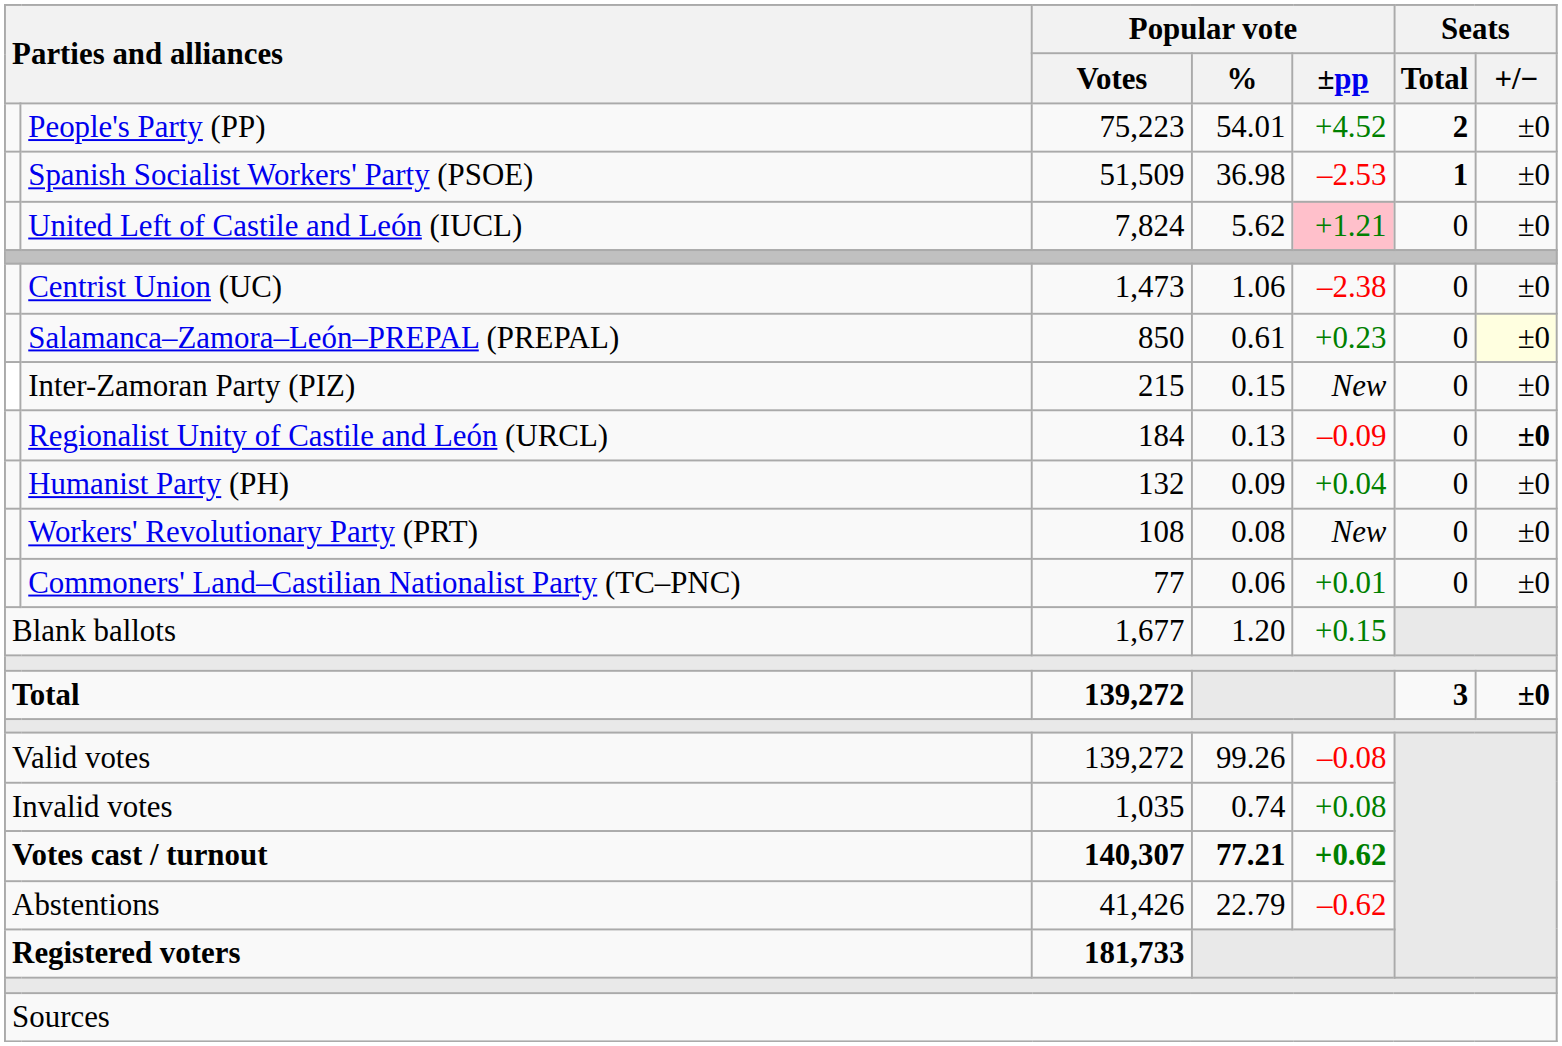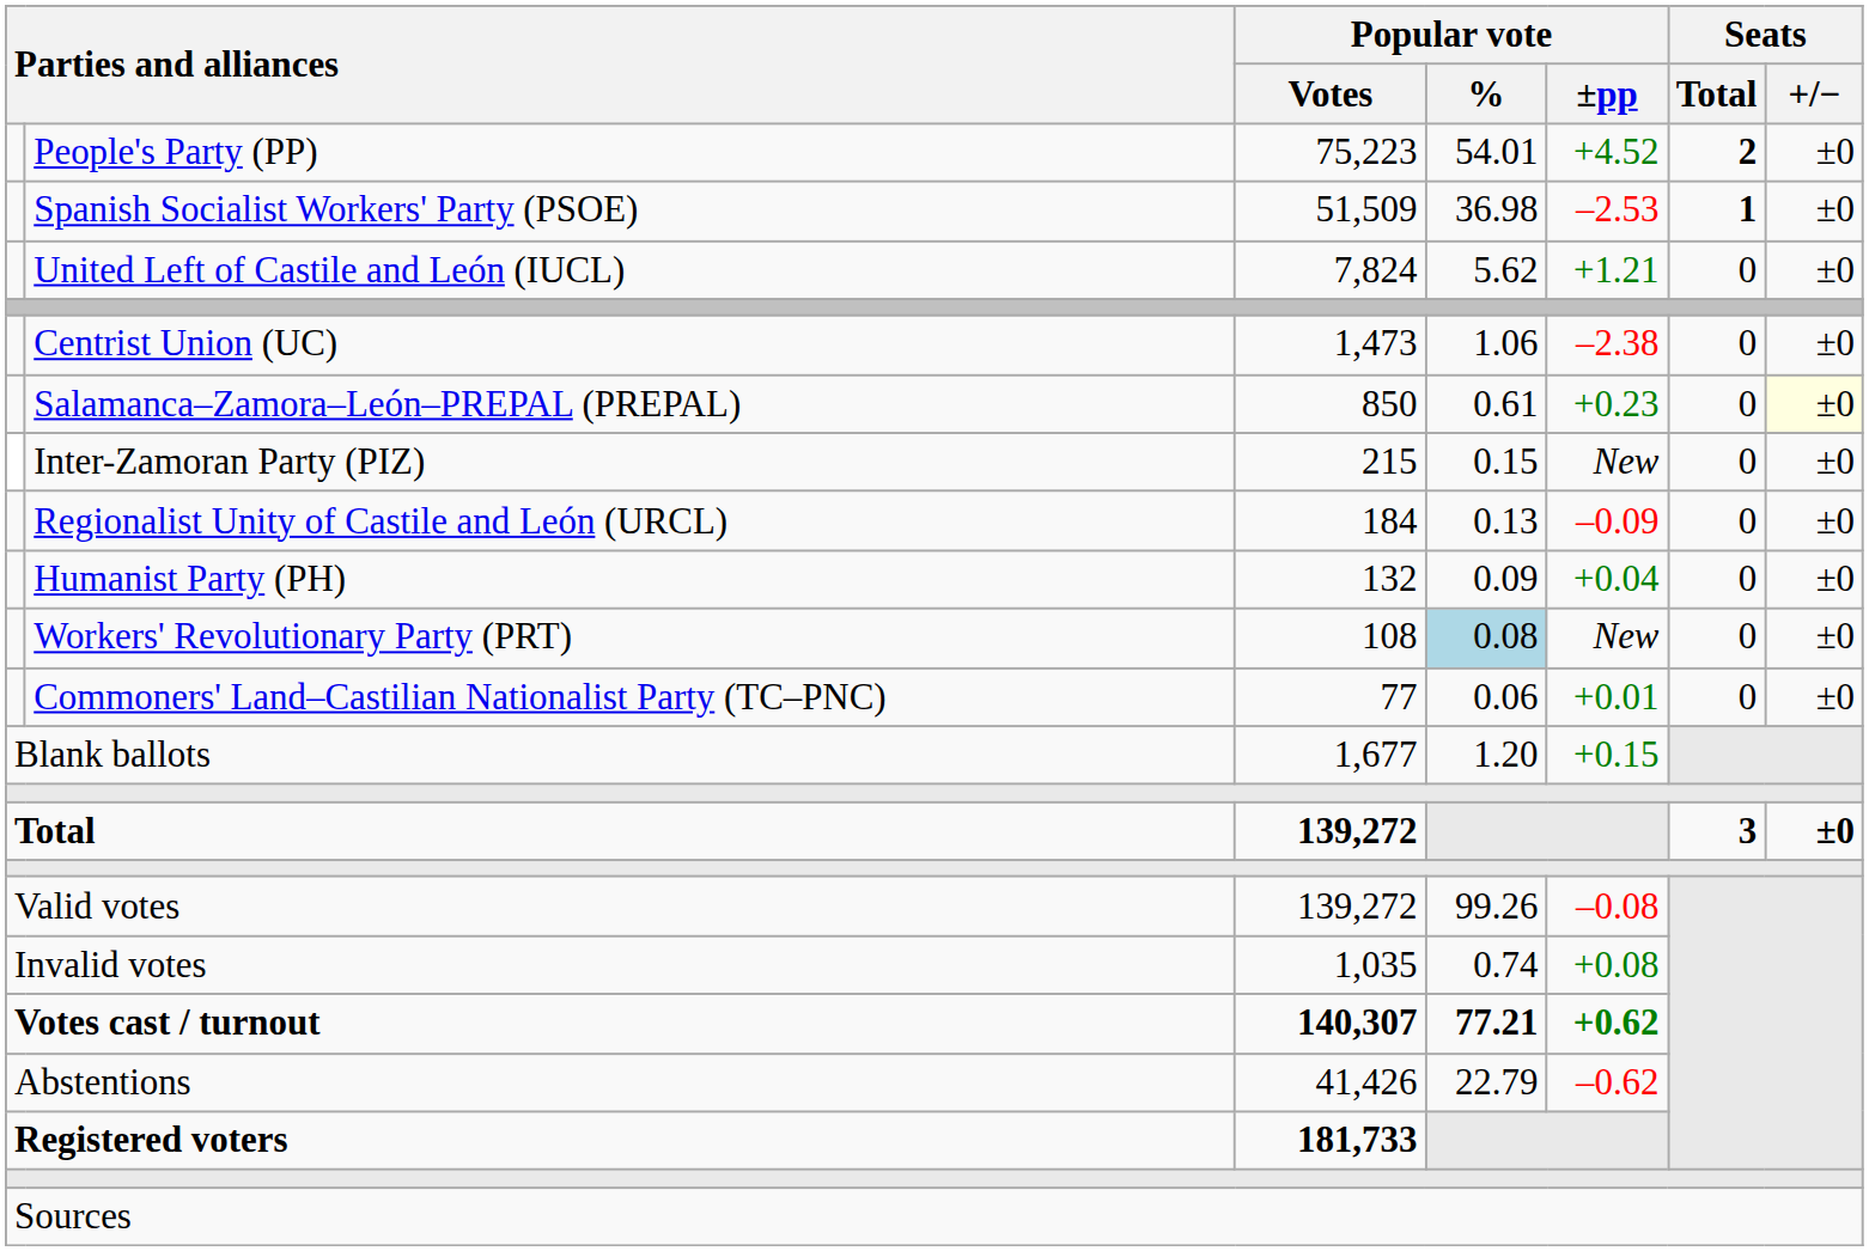 <table class="wikitable" style="text-align:right;">
 <tr>
 <th style="text-align:left;" rowspan="2" colspan="2" width="525">Parties and alliances</th>
 <th colspan="3">Popular vote</th>
 <th colspan="2">Seats</th>
 </tr>
 <tr>
 <th width="75">Votes</th>
 <th width="45">%</th>
 <th width="45">±<a href='#'>pp</a></th>
 <th width="35">Total</th>
 <th width="35">+/−</th>
 </tr>
 <tr>
 <td width="1" style="color:inherit;background:"></td>
 <td align="left"><a href='#'>People's Party</a> (PP)</td>
 <td>75,223</td>
 <td>54.01</td>
 <td style="color:green;">+4.52</td>
 <td><strong>2</strong></td>
 <td>±0</td>
 </tr>
 <tr>
 <td style="color:inherit;background:"></td>
 <td align="left"><a href='#'>Spanish Socialist Workers' Party</a> (PSOE)</td>
 <td>51,509</td>
 <td>36.98</td>
 <td style="color:red;">–2.53</td>
 <td><strong>1</strong></td>
 <td>±0</td>
 </tr>
 <tr>
 <td style="color:inherit;background:"></td>
 <td align="left"><a href='#'>United Left of Castile and León</a> (IUCL)</td>
 <td>7,824</td>
 <td>5.62</td>
-<td style="background: pink; color:green;">+1.21</td>
+<td style="color:green;">+1.21</td>
 <td>0</td>
 <td>±0</td>
 </tr>
 <tr>
 <td colspan="7" bgcolor="#C0C0C0"></td>
 </tr>
 <tr>
 <td style="color:inherit;background:"></td>
 <td align="left"><a href='#'>Centrist Union</a> (UC)</td>
 <td>1,473</td>
 <td>1.06</td>
 <td style="color:red;">–2.38</td>
 <td>0</td>
 <td>±0</td>
 </tr>
 <tr>
 <td style="color:inherit;background:"></td>
 <td align="left"><a href='#'>Salamanca–Zamora–León–PREPAL</a> (PREPAL)</td>
 <td>850</td>
 <td>0.61</td>
 <td style="color:green;">+0.23</td>
 <td>0</td>
 <td style="background: lightyellow;">±0</td>
 </tr>
 <tr>
 <td bgcolor="white"></td>
 <td align="left">Inter-Zamoran Party (PIZ)</td>
 <td>215</td>
 <td>0.15</td>
 <td><em>New</em></td>
 <td>0</td>
 <td>±0</td>
 </tr>
 <tr>
 <td style="color:inherit;background:"></td>
 <td align="left"><a href='#'>Regionalist Unity of Castile and León</a> (URCL)</td>
 <td>184</td>
 <td>0.13</td>
 <td style="color:red;">–0.09</td>
 <td>0</td>
-<td><strong>±0</strong></td>
+<td>±0</td>
 </tr>
 <tr>
 <td style="color:inherit;background:"></td>
 <td align="left"><a href='#'>Humanist Party</a> (PH)</td>
 <td>132</td>
 <td>0.09</td>
 <td style="color:green;">+0.04</td>
 <td>0</td>
 <td>±0</td>
 </tr>
 <tr>
 <td style="color:inherit;background:"></td>
 <td align="left"><a href='#'>Workers' Revolutionary Party</a> (PRT)</td>
 <td>108</td>
-<td>0.08</td>
+<td style="background: lightblue;">0.08</td>
 <td><em>New</em></td>
 <td>0</td>
 <td>±0</td>
 </tr>
 <tr>
 <td style="color:inherit;background:"></td>
 <td align="left"><a href='#'>Commoners' Land–Castilian Nationalist Party</a> (TC–PNC)</td>
 <td>77</td>
 <td>0.06</td>
 <td style="color:green;">+0.01</td>
 <td>0</td>
 <td>±0</td>
 </tr>
 <tr>
 <td align="left" colspan="2">Blank ballots</td>
 <td>1,677</td>
 <td>1.20</td>
 <td style="color:green;">+0.15</td>
 <td bgcolor="#E9E9E9" colspan="2"></td>
 </tr>
 <tr>
 <td colspan="7" bgcolor="#E9E9E9"></td>
 </tr>
 <tr style="font-weight:bold;">
 <td align="left" colspan="2">Total</td>
 <td>139,272</td>
 <td bgcolor="#E9E9E9" colspan="2"></td>
 <td>3</td>
 <td>±0</td>
 </tr>
 <tr>
 <td colspan="7" bgcolor="#E9E9E9"></td>
 </tr>
 <tr>
 <td align="left" colspan="2">Valid votes</td>
 <td>139,272</td>
 <td>99.26</td>
 <td style="color:red;">–0.08</td>
 <td bgcolor="#E9E9E9" colspan="2" rowspan="5"></td>
 </tr>
 <tr>
 <td align="left" colspan="2">Invalid votes</td>
 <td>1,035</td>
 <td>0.74</td>
 <td style="color:green;">+0.08</td>
 </tr>
 <tr style="font-weight:bold;">
 <td align="left" colspan="2">Votes cast / turnout</td>
 <td>140,307</td>
 <td>77.21</td>
 <td style="color:green;">+0.62</td>
 </tr>
 <tr>
 <td align="left" colspan="2">Abstentions</td>
 <td>41,426</td>
 <td>22.79</td>
 <td style="color:red;">–0.62</td>
 </tr>
 <tr style="font-weight:bold;">
 <td align="left" colspan="2">Registered voters</td>
 <td>181,733</td>
 <td bgcolor="#E9E9E9" colspan="2"></td>
 </tr>
 <tr>
 <td colspan="7" bgcolor="#E9E9E9"></td>
 </tr>
 <tr>
 <td align="left" colspan="7">Sources</td>
 </tr>
 </table>
